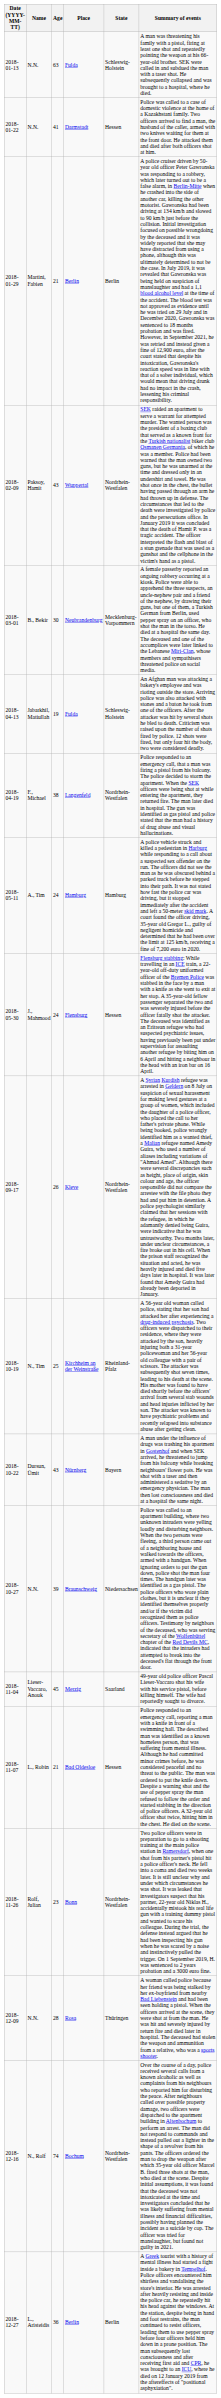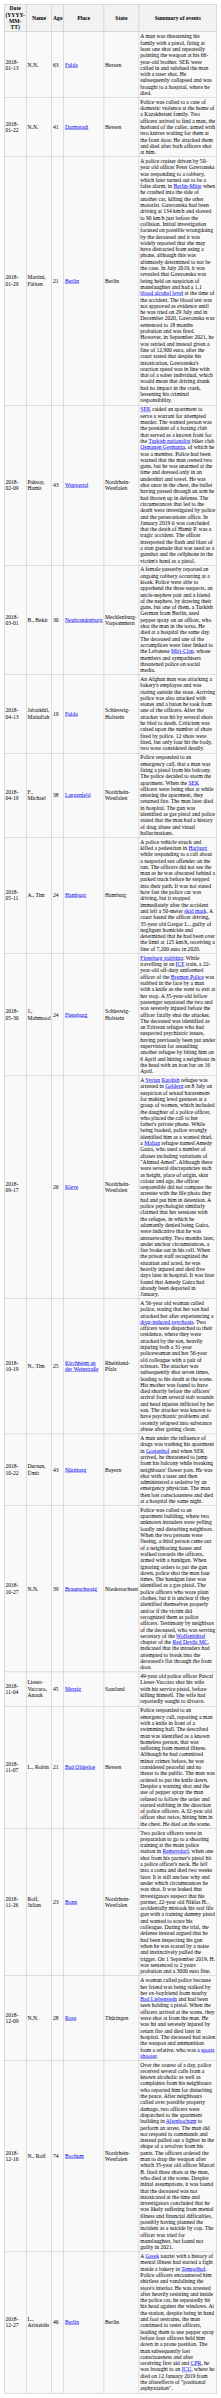 <table class="wikitable sortable static-row-numbers static-row-header-text">
 <tr>
 <th style="width:10%;">Date<br>(YYYY-MM-TT)</th>
 <th style="width:10%;">Name</th>
 <th style="width:5%;">Age</th>
 <th style="width:10%;">Place</th>
 <th style="width:15%;">State</th>
 <th style="width:50%;">Summary of events</th>
 </tr>
 <tr>
 <td>2018-01-13</td>
 <td>N.N.</td>
 <td>63</td>
 <td><a href='#'>Fulda</a></td>
-<td>Schleswig-Holstein</td>
+<td>Hessen</td>
 <td>A man was threatening his family with a pistol, firing at least one shot and repeatedly pointing the weapon at his 66-year-old brother. SEK were called in and subdued the man with a taser shot. He subsequently collapsed and was brought to a hospital, where he died.</td>
 </tr>
 <tr>
 <td>2018-01-22</td>
 <td>N.N.</td>
 <td>41</td>
 <td><a href='#'>Darmstadt</a></td>
 <td>Hessen</td>
 <td>Police was called to a case of domestic violence at the home of a Kazakhstani family. Two officers arrived to find a man, the husband of the caller, armed with two knives waiting for them at the front door. He attacked them and died after both officers shot at him.</td>
 </tr>
 <tr>
 <td>2018-01-29</td>
 <td>Martini, Fabien</td>
 <td>21</td>
 <td><a href='#'>Berlin</a></td>
 <td>Berlin</td>
 <td>A police cruiser driven by 50-year old officer Peter Gawronska was responding to a robbery, which later turned out to be a false alarm, in <a href='#'>Berlin-Mitte</a> when he crashed into the side of another car, killing the other motorist. Gawronska had been driving at 134 km/h and slowed to 90 km/h just before the collision. Initial investigation focused on possible wrongdoing by the deceased and it was widely reported that she may have distracted from using a phone, although this was ultimately determined to not be the case. In July 2019, it was revealed that Gawronska was being held on suspicion of manslaughter and had a 1,1 <a href='#'>blood alcohol level</a> at the time of the accident. The blood test was not approved as evidence until he was tried on 29 July and in December 2020, Gawronska was sentenced to 18 months probation and was fired. However, in September 2021, he was retried and instead given a fine of 12,900 euro, after the court stated that despite his intoxication, Gawronska's reaction speed was in line with that of a sober individual, which would mean that driving drunk had no impact in the crash, lessening his criminal responsibility.</td>
 </tr>
 <tr>
 <td>2018-02-09</td>
 <td>Paksoy, Hamit</td>
 <td>43</td>
 <td><a href='#'>Wuppertal</a></td>
 <td>Nordrhein-Westfalen</td>
 <td><a href='#'>SEK</a> raided an apartment to serve a warrant for attempted murder. The wanted person was the president of a boxing club that served as a known front for the <a href='#'>Turkish nationalist</a> biker club <a href='#'>Osmanen Germania</a>, of which he was a member. Police had been warned that the man owned two guns, but he was unarmed at the time and dressed only in an undershirt and towel. He was shot once in the chest, the bullet having passed through an arm he had thrown up in defense. The circumstances that led to the death were investigated by police and the persecutions office. In January 2019 it was concluded that the death of Hamit P. was a tragic accident. The officer interpreted the flash and blast of a stun grenade that was used as a gunshot and the cellphone in the victim's hand as a pistol.</td>
 </tr>
 <tr>
 <td>2018-03-01</td>
 <td>B., Bekir</td>
 <td>30</td>
 <td><a href='#'>Neubrandenburg</a></td>
 <td>Mecklenburg-Vorpommern</td>
 <td>A female passerby reported an ongoing robbery occurring at a kiosk. Police were able to apprehend the three suspects, an uncle-nephew pair and a friend of the nephew, by drawing their guns, but one of them, a Turkish German from Berlin, used pepper spray on an officer, who shot the man in the torso. He died at a hospital the same day. The deceased and one of the accomplices were later linked to the Lebanese <a href='#'>Miri-Clan</a>, whose members and sympathisers threatened police on social media.</td>
 </tr>
 <tr>
 <td>2018-04-13</td>
 <td>Jabarkhil, Matiullah</td>
 <td>19</td>
 <td><a href='#'>Fulda</a></td>
 <td>Schleswig-Holstein</td>
 <td>An Afghan man was attacking a bakery's employee and was rioting outside the store. Arriving police was also attacked with stones and a baton he took from one of the officers. After the attacker was hit by several shots he bled to death. Criticism was raised upon the number of shots fired by police. 12 shots were fired, but only four hit the body, two were considered deadly.</td>
 </tr>
 <tr>
 <td>2018-04-19</td>
 <td>F., Michael</td>
 <td>38</td>
 <td><a href='#'>Langenfeld</a></td>
 <td>Nordrhein-Westfalen</td>
 <td>Police responded to an emergency call, that a man was firing a pistol from his balcony. The police decided to storm the apartment. When the <a href='#'>SEK</a> officers were being shot at while entering the apartment, they returned fire. The man later died in hospital. The gun was identified as gas pistol and police stated that the man had a history of drug abuse and visual hallucinations.</td>
 </tr>
 <tr>
 <td>2018-05-11</td>
 <td>A., Tim</td>
 <td>24</td>
 <td><a href='#'>Hamburg</a></td>
 <td>Hamburg</td>
 <td>A police vehicle struck and killed a pedestrian in <a href='#'>Harburg</a> while responding to a call about a suspected sex offender on the run. The officers did not see the man as he was obscured behind a parked truck before he stepped into their path. It was not stated how fast the police car was driving, but it stopped immediately after the accident and left a 50-meter <a href='#'>skid mark</a>. A court found the officer driving, 35-year old Gregor L., guilty of negligent homicide and determined that he had been over the limit at 125 km/h, receiving a fine of 7,200 euro in 2020.</td>
 </tr>
 <tr>
 <td>2018-05-30</td>
 <td>J., Mahmood</td>
 <td>24</td>
 <td><a href='#'>Flensburg</a></td>
-<td>Hessen</td>
+<td>Schleswig-Holstein</td>
 <td><a href='#'>Flensburg stabbing</a>: While travelling in an <a href='#'>ICE</a> train, a 22-year-old off-duty uniformed officer of the <a href='#'>Bremen Police</a> was stabbed in the face by a man with a knife as she went to exit at her stop. A 35-year-old fellow passenger separated the two and was severely injured before the officer fatally shot the attacker. The deceased was identified as an Eritrean refugee who had suspected psychiatric issues, having previously been put under supervision for assaulting another refugee by biting him on 6 April and hitting a neighbour in the head with an iron bar on 16 April.</td>
 </tr>
 <tr>
 <td>2018-09-17</td>
 <td Ahmad></td>
 <td>26</td>
 <td><a href='#'>Kleve</a></td>
 <td>Nordrhein-Westfalen</td>
 <td>A <a href='#'>Syrian</a> <a href='#'>Kurdish</a> refugee was arrested in <a href='#'>Geldern</a> on 8 July on suspicion of sexual harassment for making lewd gestures at a group of women, which included the daughter of a police officer, who placed the call to her father's private phone. While being booked, police wrongly identified him as a wanted thief, a <a href='#'>Malian</a> refugee named Amedy Guira, who used a number of aliases including variations of "Ahmad Amed". Although there were several discrepancies such as height, place of origin, skin colour and age, the officer responsible did not compare the arrestee with the file photo they had and put him in detention. A police psychologist similarly claimed that her sessions with the refugee, in which he adamantly denied being Guira, were indicative that he was untrustworthy. Two months later, under unclear circumstances, a fire broke out in his cell. When the prison staff recognized the situation and acted, he was heavily injured and died five days later in hospital. It was later found that Amedy Guira had already been deported in January.</td>
 </tr>
 <tr>
 <td>2018-10-19</td>
 <td>N., Tim</td>
 <td>25</td>
 <td><a href='#'>Kirchheim an der Weinstraße</a></td>
 <td>Rheinland-Pfalz</td>
 <td>A 56-year old woman called police, stating that her son had attacked her after experiencing a <a href='#'>drug-induced psychosis</a>. Two officers were dispatched to their residence, where they were attacked by the son, heavily injuring both a 31-year policewoman and her 56-year old colleague with a pair of scissors. The attacker was subsequently shot seven times, leading to his death at the scene. His mother was found to have died shortly before the officers' arrival from several stab wounds and head injuries inflicted by her son. The attacker was known to have psychiatric problems and recently relapsed into substance abuse after getting clean.</td>
 </tr>
 <tr>
 <td>2018-10-22</td>
 <td>Dursun, Ümit</td>
 <td>43</td>
 <td><a href='#'>Nürnberg</a></td>
 <td>Bayern</td>
 <td>A man under the influence of drugs was trashing his apartment in <a href='#'>Gostenhof</a> and when SEK arrived, he threatened to jump from his balcony while breaking neighbours' flower pots. He was shot with a taser and then administered a sedative by an emergency physician. The man then lost consciousness and died at a hospital the same night.</td>
 </tr>
 <tr>
 <td>2018-10-27</td>
 <td>N.N.</td>
 <td>39</td>
 <td><a href='#'>Braunschweig</a></td>
 <td>Niedersachsen</td>
 <td>Police was called to an apartment building, where two unknown intruders were yelling loudly and disturbing neighbors. When the two persons were fleeing, a third person came out of a neighboring house and walked towards the officers, armed with a handgun. When ignoring orders to put the gun down, police shot the man four times. The handgun later was identified as a gas pistol. The police officers who wore plain clothes, but it is unclear if they identified themselves properly and/or if the victim did recognized them as police officers. Testimony by neighbors of the deceased, who was serving secretary of the <a href='#'>Wolfenbüttel</a> chapter of the <a href='#'>Red Devils MC</a>, indicated that the intruders had attempted to break into the deceased's flat through the front door.</td>
 </tr>
 <tr>
 <td>2018-11-04</td>
 <td>Lieser-Vaccaro, Anouk</td>
 <td>45</td>
 <td><a href='#'>Merzig</a></td>
 <td>Saarland</td>
 <td>49-year old police officer Pascal Lieser-Vaccaro shot his wife with his service pistol, before killing himself. The wife had reportedly sought to divorce.</td>
 </tr>
 <tr>
 <td>2018-11-07</td>
 <td>L., Robin</td>
 <td>21</td>
 <td><a href='#'>Bad Oldesloe</a></td>
 <td>Hessen</td>
 <td>Police responded to an emergency call, reporting a man with a knife in front of a swimming hall. The described man was identified as a known homeless person, that was suffering from mental illness. Although he had committed minor crimes before, he was considered peaceful and no threat to the public. The man was ordered to put the knife down. Despite a warning shot and the use of pepper spray the man refused to follow the order and started stabbing in the direction of police officers. A 32-year old officer shot twice, hitting him in the chest. He died on the scene.</td>
 </tr>
 <tr>
 <td>2018-11-26</td>
 <td>Rolf, Julian</td>
 <td>23</td>
 <td><a href='#'>Bonn</a></td>
 <td>Nordrhein-Westfalen</td>
 <td>Two police officers were in preparation to go to a shooting training at the main police station in <a href='#'>Ramersdorf</a>, when one shot from his partner's pistol hit a police officer's neck. He fell into a coma and died two weeks later. It is still unclear why and under which circumstances he was shot. It was leaked that investigators suspect that his partner, 22-year old Niklas H., accidentally mistook his real life gun with a training dummy pistol and wanted to scare his colleague. During the trial, the defense instead argued that he had been inspecting his gun when he was scared by a noise and instinctively pulled the trigger. On 1 September 2019, H. was sentenced to 2 years probation and a 3000 euro fine.</td>
 </tr>
 <tr>
 <td>2018-12-09</td>
 <td>N.N.</td>
 <td>28</td>
 <td><a href='#'>Rosa</a></td>
 <td>Thüringen</td>
 <td>A woman called police because her friend was being stalked by her ex-boyfriend from nearby <a href='#'>Bad Liebenstein</a> and had been seen holding a pistol. When the officers arrived at the scene, they were shot at from the man. He was hit and severely injured by return fire and died later in hospital. The deceased had stolen the weapon and ammunition from a relative, who was a <a href='#'>sports shooter</a>.</td>
 </tr>
 <tr>
 <td>2018-12-16</td>
 <td>N., Rolf</td>
 <td>74</td>
 <td><a href='#'>Bochum</a></td>
 <td>Nordrhein-Westfalen</td>
 <td>Over the course of a day, police received several calls from a known alcoholic as well as complaints from his neighbours who reported him for disturbing the peace. After neighbours called over possible property damage, two officers were dispatched to the apartment building in <a href='#'>Altenbochum</a> to perform an arrest. The man did not respond to commands and instead pulled out a lighter in the shape of a revolver from his pants. The officers ordered the man to drop the weapon after which 35-year old officer Marcel B. fired three shots at the man, who died at the scene. Despite initial assumptions, it was found that the deceased was not intoxicated at the time and investigators concluded that he was likely suffering from mental illness and financial difficulties, possibly having planned the incident as a suicide by cop. The officer was tried for manslaughter, but found not guilty in 2021.</td>
 </tr>
 <tr>
 <td>2018-12-27</td>
 <td>L., Aristeidis</td>
-<td>36</td>
+<td>46</td>
 <td><a href='#'>Berlin</a></td>
 <td>Berlin</td>
 <td>A <a href='#'>Greek</a> tourist with a history of mental illness had started a fight inside a bakery in <a href='#'>Tempelhof</a>. Police officers encountered him shirtless and vandalising the store's interior. He was arrested after heavily resisting and inside the police car, he repeatedly hit his head against the windows. At the station, despite being in hand and foot restrains, the man continued to resist officers, leading them to use pepper spray before four officers held him down in a prone position. The man subsequently lost consciousness and after receiving first aid and <a href='#'>CPR</a>, he was brought to an <a href='#'>ICU</a>, where he died on 12 January 2019 from the aftereffects of "positional asphyxiation".</td>
 </tr>
 </table>
